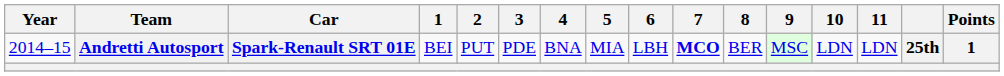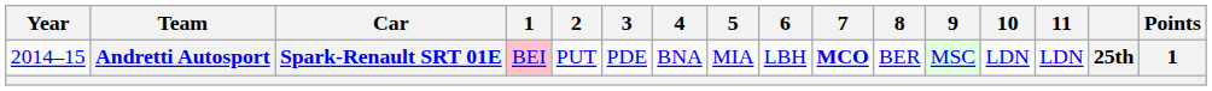 <table class="wikitable" style="text-align:center; font-size:85%">
 <tr>
 <th scope=col>Year</th>
 <th scope=col>Team</th>
 <th scope=col>Car</th>
 <th scope=col>1</th>
 <th scope=col>2</th>
 <th scope=col>3</th>
 <th scope=col>4</th>
 <th scope=col>5</th>
 <th scope=col>6</th>
 <th scope=col>7</th>
 <th scope=col>8</th>
 <th scope=col>9</th>
 <th scope=col>10</th>
 <th scope=col>11</th>
 <th scope=col></th>
 <th scope=col>Points</th>
 </tr>
 <tr>
 <td nowrap><a href='#'>2014–15</a></td>
 <th nowrap><a href='#'>Andretti Autosport</a></th>
 <th nowrap><a href='#'>Spark-Renault SRT 01E</a></th>
-<td><a href='#'>BEI</a></td>
+<td style="background: pink;"><a href='#'>BEI</a></td>
 <td><a href='#'>PUT</a></td>
 <td><a href='#'>PDE</a></td>
 <td><a href='#'>BNA</a></td>
 <td><a href='#'>MIA</a></td>
 <td><a href='#'>LBH</a></td>
 <td><strong><a href='#'>MCO</a></strong></td>
 <td><a href='#'>BER</a></td>
 <td style="background:#DFFFDF;"><a href='#'>MSC</a><br></td>
 <td><a href='#'>LDN</a></td>
 <td><a href='#'>LDN</a></td>
 <th>25th</th>
 <th>1</th>
 </tr>
 <tr>
 <th colspan="16"></th>
 </tr>
 </table>
